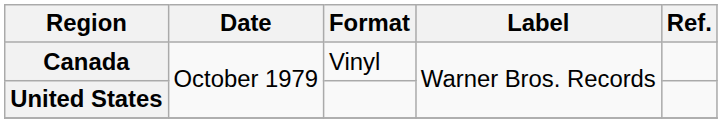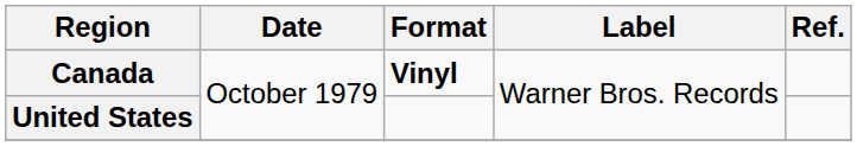 <table class="wikitable plainrowheaders">
 <tr>
 <th scope="col">Region</th>
 <th scope="col">Date</th>
 <th scope="col">Format</th>
 <th scope="col">Label</th>
 <th scope="col">Ref.</th>
 </tr>
 <tr>
 <th scope="row">Canada</th>
 <td rowspan="2">October 1979</td>
-<td>Vinyl</td>
+<td><strong>Vinyl</strong></td>
 <td rowspan="2">Warner Bros. Records</td>
 <td></td>
 </tr>
 <tr>
 <th scope="row">United States</th>
 <td></td>
 <td></td>
 </tr>
 <tr>
 </tr>
 </table>
